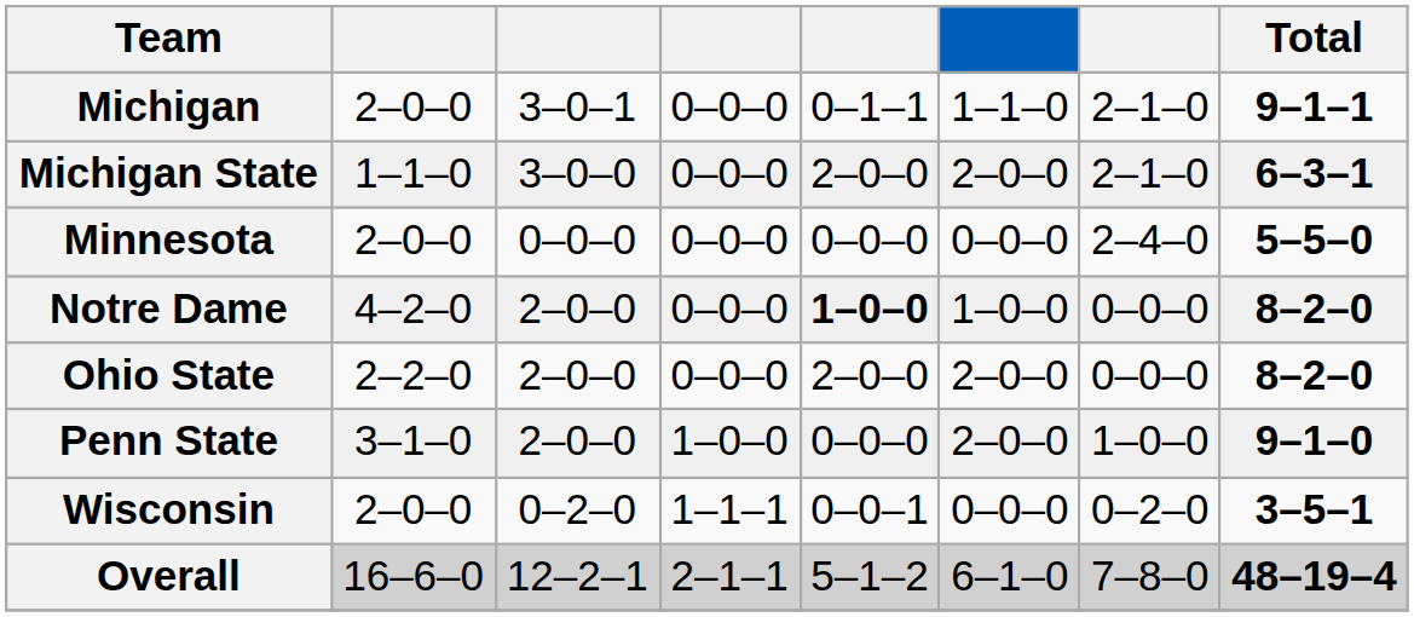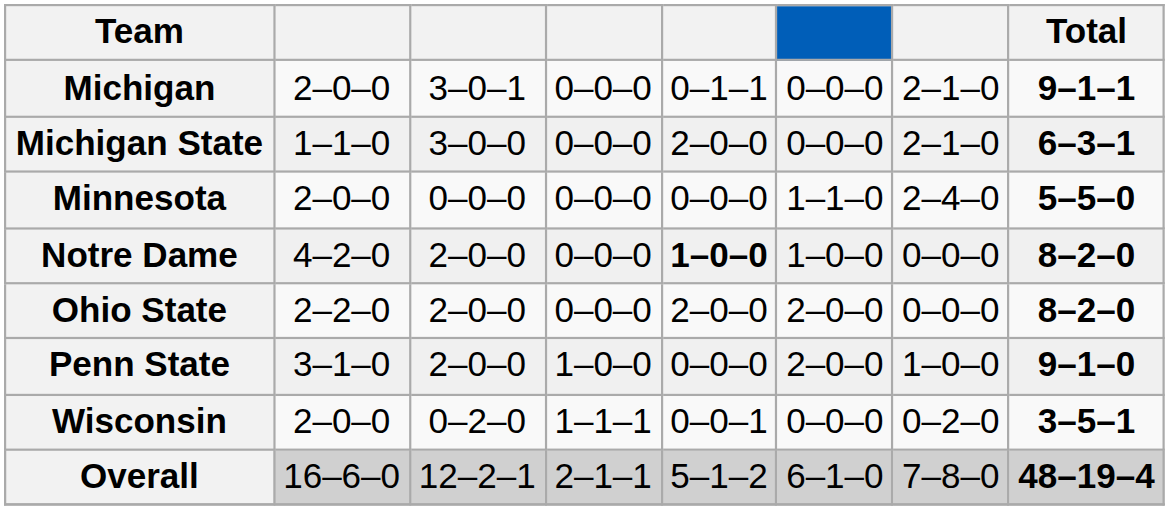 <table class="wikitable" style="text-align: center; "width=60%">
 <tr>
 <th>Team</th>
 <th></th>
 <th><a href='#'></a></th>
 <th><a href='#'></a></th>
 <th><a href='#'></a></th>
 <th style="color:white; background:#005EB8"><a href='#'></a></th>
 <th><a href='#'></a></th>
 <th>Total</th>
 </tr>
 <tr>
 <th>Michigan</th>
 <td>2–0–0</td>
 <td>3–0–1</td>
 <td>0–0–0</td>
 <td>0–1–1</td>
-<td>1–1–0</td>
+<td>0–0–0</td>
 <td>2–1–0</td>
 <td><strong>9–1–1</strong></td>
 </tr>
 <tr bgcolor=f0f0f0>
 <th>Michigan State</th>
 <td>1–1–0</td>
 <td>3–0–0</td>
 <td>0–0–0</td>
 <td>2–0–0</td>
-<td>2–0–0</td>
+<td>0–0–0</td>
 <td>2–1–0</td>
 <td><strong>6–3–1</strong></td>
 </tr>
 <tr>
 <th>Minnesota</th>
 <td>2–0–0</td>
 <td>0–0–0</td>
 <td>0–0–0</td>
 <td>0–0–0</td>
-<td>0–0–0</td>
+<td>1–1–0</td>
 <td>2–4–0</td>
 <td><strong>5–5–0</strong></td>
 </tr>
 <tr bgcolor=f0f0f0>
 <th>Notre Dame</th>
 <td>4–2–0</td>
 <td>2–0–0</td>
 <td>0–0–0</td>
 <td><strong>1–0–0</strong></td>
 <td>1–0–0</td>
 <td>0–0–0</td>
 <td><strong>8–2–0</strong></td>
 </tr>
 <tr>
 <th>Ohio State</th>
 <td>2–2–0</td>
 <td>2–0–0</td>
 <td>0–0–0</td>
 <td>2–0–0</td>
 <td>2–0–0</td>
 <td>0–0–0</td>
 <td><strong>8–2–0</strong></td>
 </tr>
 <tr bgcolor=f0f0f0>
 <th>Penn State</th>
 <td>3–1–0</td>
 <td>2–0–0</td>
 <td>1–0–0</td>
 <td>0–0–0</td>
 <td>2–0–0</td>
 <td>1–0–0</td>
 <td><strong>9–1–0</strong></td>
 </tr>
 <tr>
 <th>Wisconsin</th>
 <td>2–0–0</td>
 <td>0–2–0</td>
 <td>1–1–1</td>
 <td>0–0–1</td>
 <td>0–0–0</td>
 <td>0–2–0</td>
 <td><strong>3–5–1</strong></td>
 </tr>
 <tr bgcolor=d0d0d0>
 <th>Overall</th>
 <td>16–6–0</td>
 <td>12–2–1</td>
 <td>2–1–1</td>
 <td>5–1–2</td>
 <td>6–1–0</td>
 <td>7–8–0</td>
 <td><strong>48–19–4</strong></td>
 </tr>
 <tr>
 </tr>
 </table>
